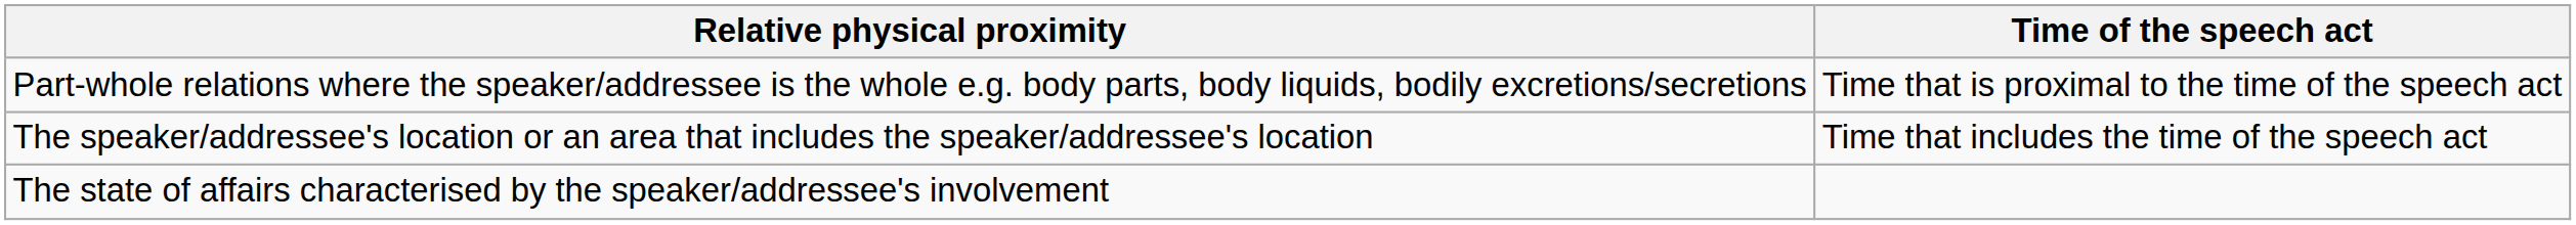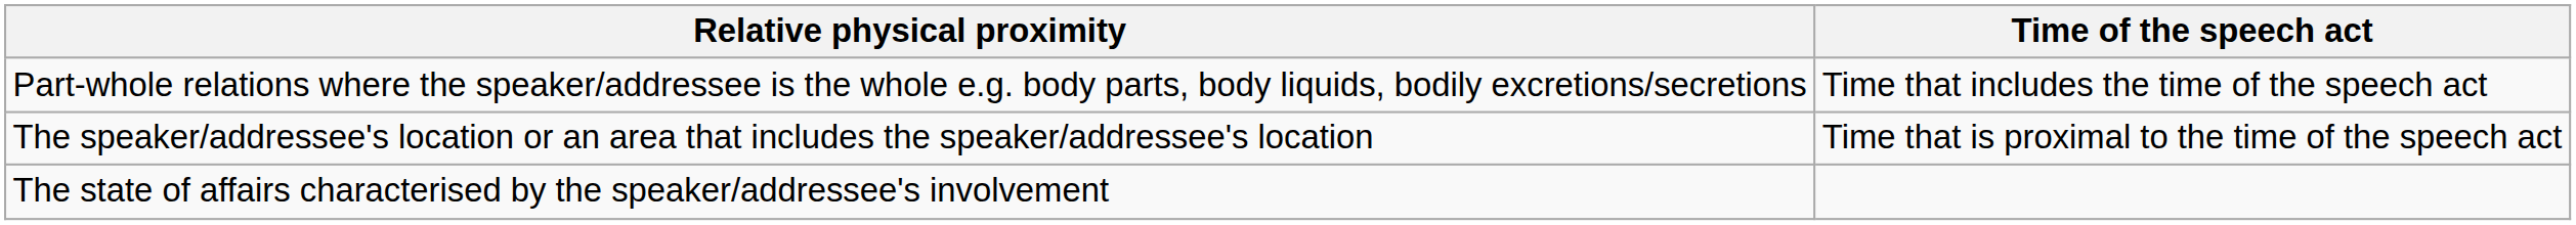 <table class="wikitable">
 <tr>
 <th>Relative physical proximity</th>
 <th>Time of the speech act</th>
 </tr>
 <tr>
 <td>Part-whole relations where the speaker/addressee is the whole e.g. body parts, body liquids, bodily excretions/secretions</td>
-<td>Time that is proximal to the time of the speech act</td>
+<td>Time that includes the time of the speech act</td>
 </tr>
 <tr>
 <td>The speaker/addressee's location or an area that includes the speaker/addressee's location</td>
-<td>Time that includes the time of the speech act</td>
+<td>Time that is proximal to the time of the speech act</td>
 </tr>
 <tr>
 <td>The state of affairs characterised by the speaker/addressee's involvement</td>
 <td></td>
 </tr>
 </table>
